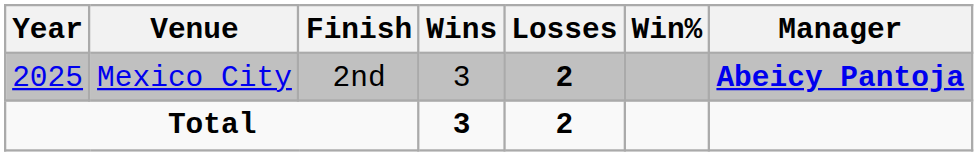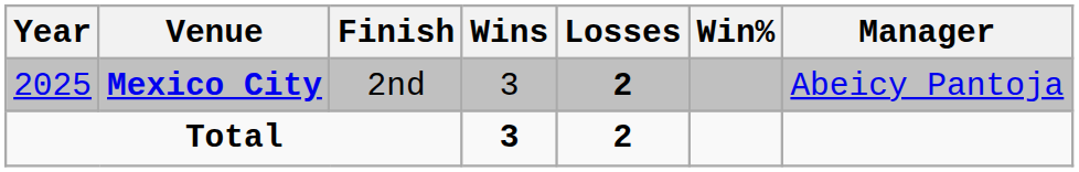 <table class="wikitable sortable plainrowheaders" style="text-align:center;">
 <tr>
 <th scope="col">Year</th>
 <th scope="col">Venue</th>
 <th scope="col">Finish</th>
 <th scope="col">Wins</th>
 <th scope="col">Losses</th>
 <th scope="col">Win%</th>
 <th scope="col">Manager</th>
 </tr>
 <tr style="background:silver;">
 <td><a href='#'>2025</a></td>
-<td align=left> <a href='#'>Mexico City</a></td>
+<td align=left><strong> <a href='#'>Mexico City</a></strong></td>
 <td>2nd</td>
 <td>3</td>
 <td><strong>2</strong></td>
 <td></td>
-<td align=left><strong> <a href='#'>Abeicy Pantoja</a></strong></td>
+<td align=left> <a href='#'>Abeicy Pantoja</a></td>
 </tr>
 <tr style="text-align:center; ">
 <td colspan="3"><strong>Total</strong></td>
 <td><strong>3</strong></td>
 <td><strong>2</strong></td>
 <td><strong></strong></td>
 <td></td>
 </tr>
 </table>
